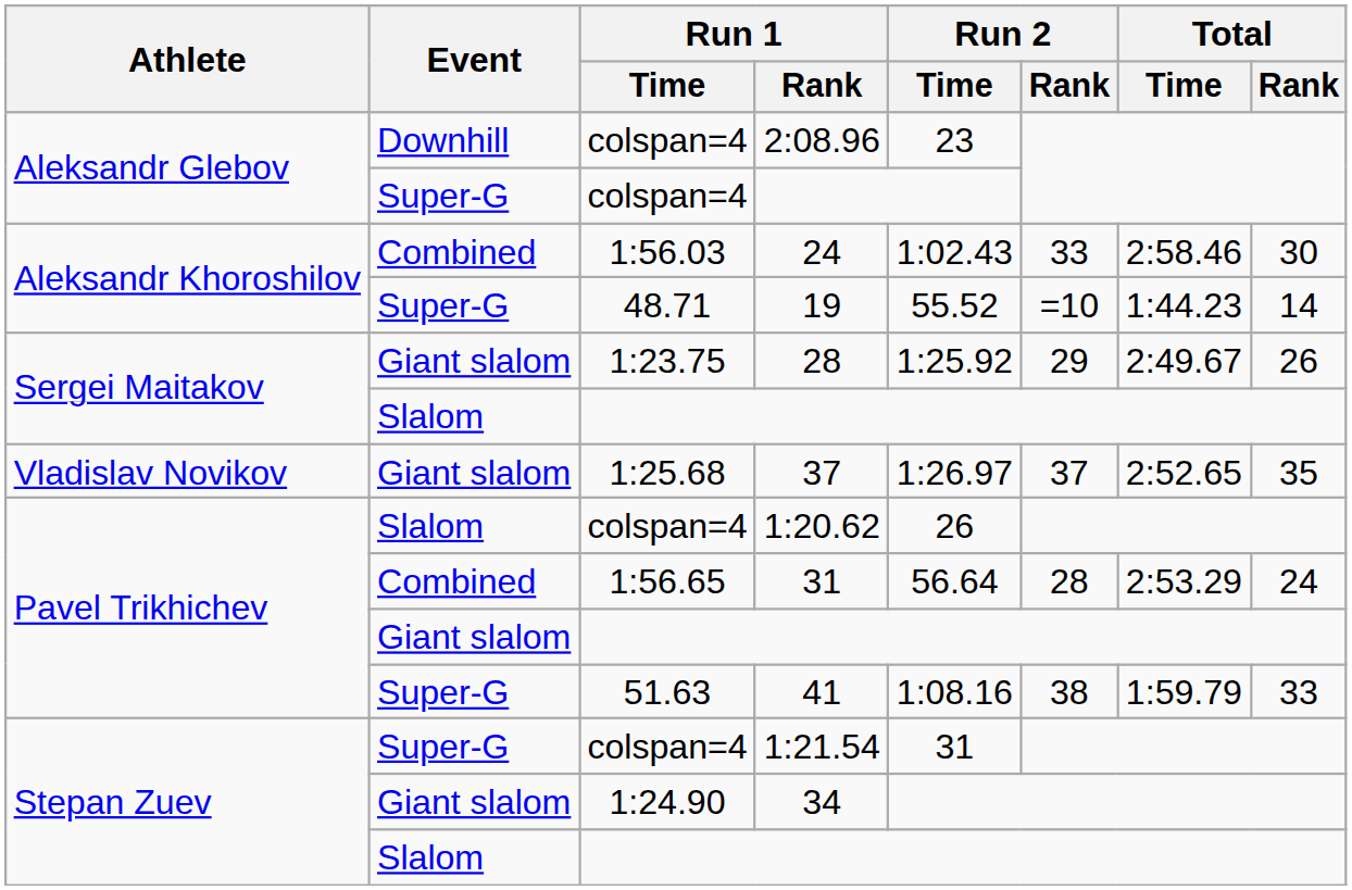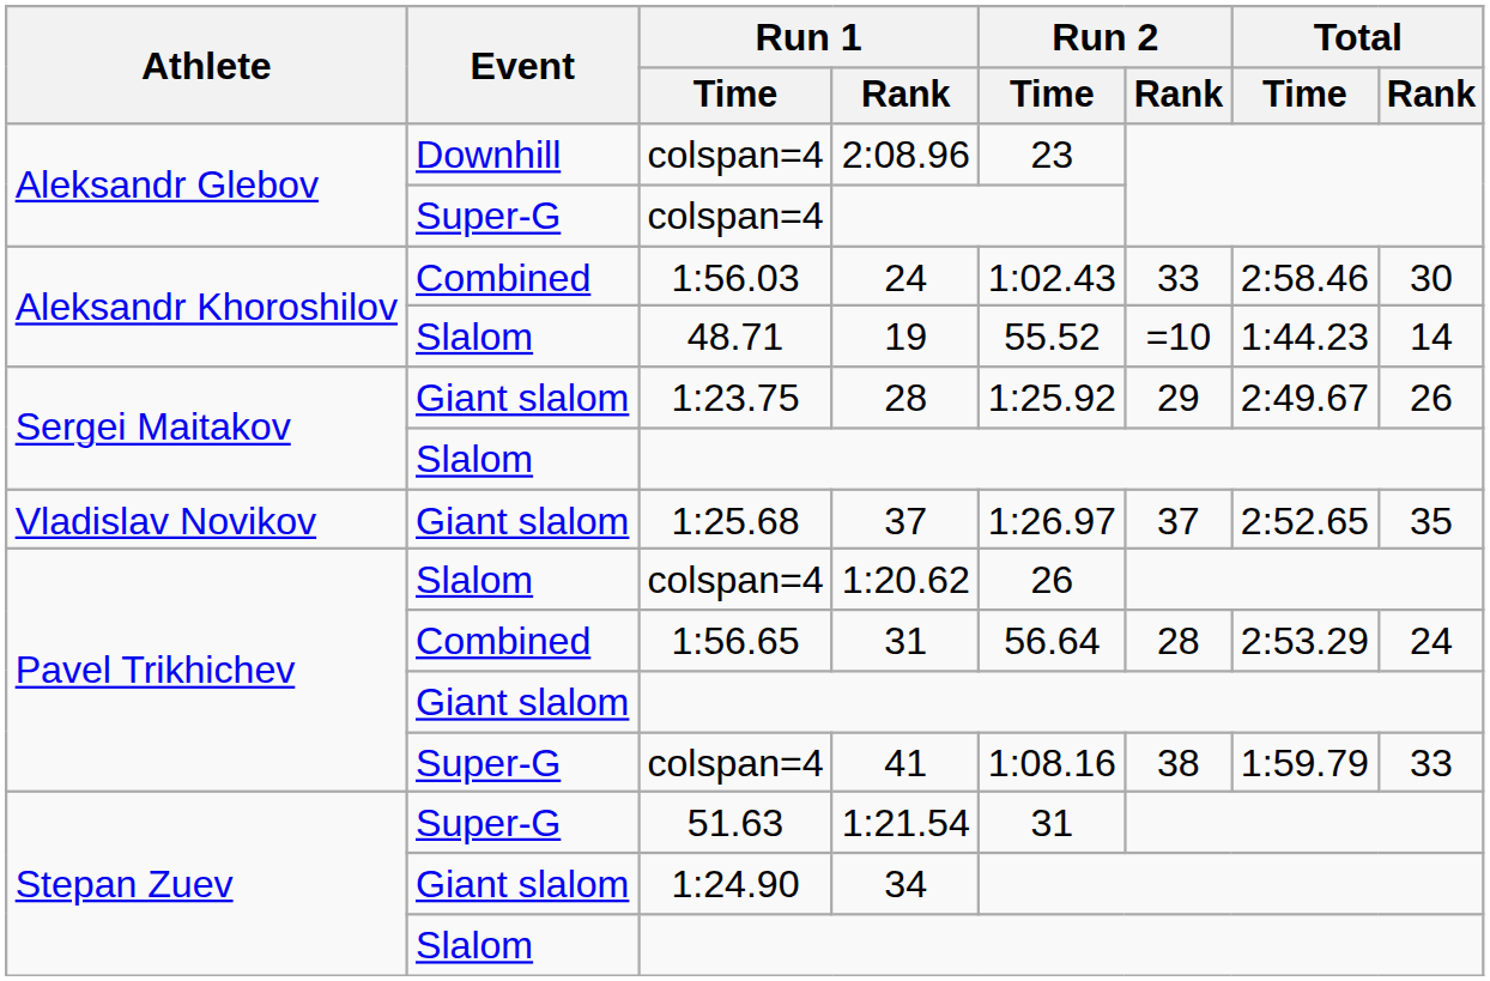 <table class="wikitable" style="font-size:90%">
 <tr>
 <th rowspan=2>Athlete</th>
 <th rowspan=2>Event</th>
 <th colspan=2>Run 1</th>
 <th colspan=2>Run 2</th>
 <th colspan=2>Total</th>
 </tr>
 <tr style="font-size:95%">
 <th>Time</th>
 <th>Rank</th>
 <th>Time</th>
 <th>Rank</th>
 <th>Time</th>
 <th>Rank</th>
 </tr>
 <tr align=center>
 <td align=left rowspan=2><a href='#'>Aleksandr Glebov</a></td>
 <td align=left><a href='#'>Downhill</a></td>
 <td>colspan=4 </td>
 <td>2:08.96</td>
 <td>23</td>
 </tr>
 <tr align=center>
 <td align=left><a href='#'>Super-G</a></td>
 <td>colspan=4 </td>
 <td colspan=2></td>
 </tr>
 <tr align=center>
 <td align=left rowspan=2><a href='#'>Aleksandr Khoroshilov</a></td>
 <td align=left><a href='#'>Combined</a></td>
 <td>1:56.03</td>
 <td>24</td>
 <td>1:02.43</td>
 <td>33</td>
 <td>2:58.46</td>
 <td>30</td>
 </tr>
 <tr align=center>
-<td align=left><a href='#'>Super-G</a></td>
+<td align=left><a href='#'>Slalom</a></td>
 <td>48.71</td>
 <td>19</td>
 <td>55.52</td>
 <td>=10</td>
 <td>1:44.23</td>
 <td>14</td>
 </tr>
 <tr align=center>
 <td align=left rowspan=2><a href='#'>Sergei Maitakov</a></td>
 <td align=left><a href='#'>Giant slalom</a></td>
 <td>1:23.75</td>
 <td>28</td>
 <td>1:25.92</td>
 <td>29</td>
 <td>2:49.67</td>
 <td>26</td>
 </tr>
 <tr align=center>
 <td align=left><a href='#'>Slalom</a></td>
 <td colspan=6></td>
 </tr>
 <tr align=center>
 <td align=left><a href='#'>Vladislav Novikov</a></td>
 <td align=left><a href='#'>Giant slalom</a></td>
 <td>1:25.68</td>
 <td>37</td>
 <td>1:26.97</td>
 <td>37</td>
 <td>2:52.65</td>
 <td>35</td>
 </tr>
 <tr align=center>
 <td align=left rowspan=4><a href='#'>Pavel Trikhichev</a></td>
 <td align=left><a href='#'>Slalom</a></td>
 <td>colspan=4 </td>
 <td>1:20.62</td>
 <td>26</td>
 </tr>
 <tr align=center>
 <td align=left><a href='#'>Combined</a></td>
 <td>1:56.65</td>
 <td>31</td>
 <td>56.64</td>
 <td>28</td>
 <td>2:53.29</td>
 <td>24</td>
 </tr>
 <tr align=center>
 <td align=left><a href='#'>Giant slalom</a></td>
 <td colspan=6></td>
 </tr>
 <tr align=center>
 <td align=left><a href='#'>Super-G</a></td>
-<td>51.63</td>
+<td>colspan=4 </td>
 <td>41</td>
 <td>1:08.16</td>
 <td>38</td>
 <td>1:59.79</td>
 <td>33</td>
 </tr>
 <tr align=center>
 <td align=left rowspan=3><a href='#'>Stepan Zuev</a></td>
 <td align=left><a href='#'>Super-G</a></td>
-<td>colspan=4 </td>
+<td>51.63</td>
 <td>1:21.54</td>
 <td>31</td>
 </tr>
 <tr align=center>
 <td align=left><a href='#'>Giant slalom</a></td>
 <td>1:24.90</td>
 <td>34</td>
 <td colspan=4></td>
 </tr>
 <tr align=center>
 <td align=left><a href='#'>Slalom</a></td>
 <td colspan=6></td>
 </tr>
 </table>
